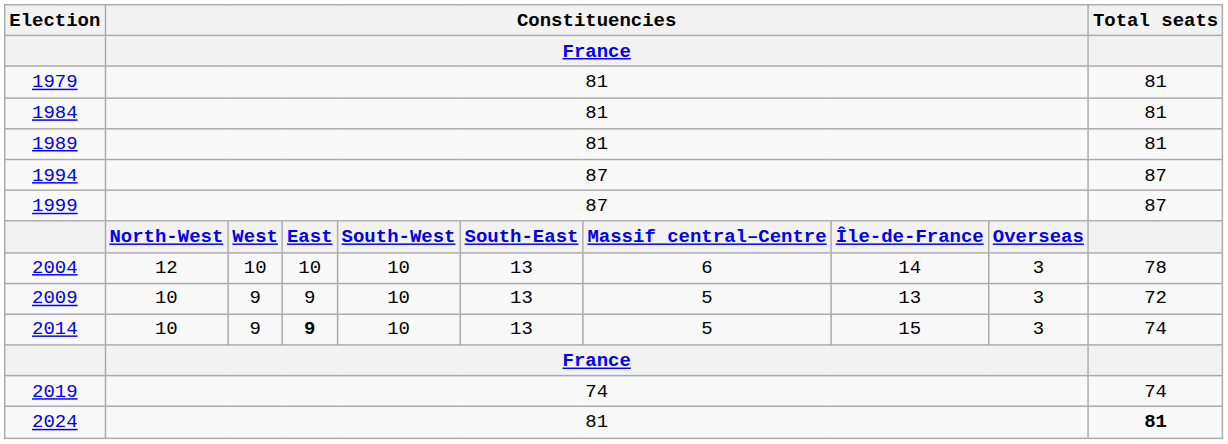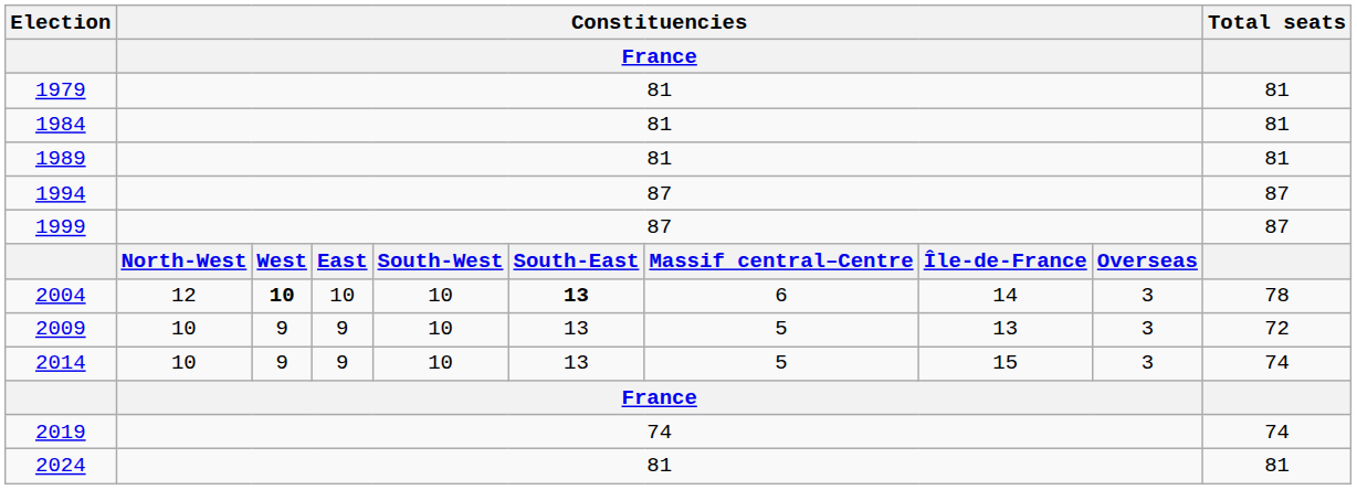 <table class="wikitable" style="text-align:center">
 <tr>
 <th scope="col">Election</th>
 <th scope="col" colspan="8">Constituencies</th>
 <th scope="col">Total seats</th>
 </tr>
 <tr>
 <th></th>
 <th scope="col" colspan="8"><a href='#'>France</a></th>
 <th></th>
 </tr>
 <tr>
 <td><a href='#'>1979</a></td>
 <td colspan="8">81</td>
 <td>81</td>
 </tr>
 <tr>
 <td><a href='#'>1984</a></td>
 <td colspan="8">81</td>
 <td>81</td>
 </tr>
 <tr>
 <td><a href='#'>1989</a></td>
 <td colspan="8">81</td>
 <td>81</td>
 </tr>
 <tr>
 <td><a href='#'>1994</a></td>
 <td colspan="8">87</td>
 <td>87</td>
 </tr>
 <tr>
 <td><a href='#'>1999</a></td>
 <td colspan="8">87</td>
 <td>87</td>
 </tr>
 <tr>
 <th></th>
 <th scope="col"><a href='#'>North-West</a></th>
 <th scope="col"><a href='#'>West</a></th>
 <th scope="col"><a href='#'>East</a></th>
 <th scope="col"><a href='#'>South-West</a></th>
 <th scope="col"><a href='#'>South-East</a></th>
 <th scope="col"><a href='#'>Massif central–Centre</a></th>
 <th scope="col"><a href='#'>Île-de-France</a></th>
 <th scope="col"><a href='#'>Overseas</a></th>
 <th></th>
 </tr>
 <tr>
 <td><a href='#'>2004</a></td>
 <td>12</td>
+<td><strong>10</strong></td>
 <td>10</td>
 <td>10</td>
-<td>10</td>
-<td>13</td>
+<td><strong>13</strong></td>
 <td>6</td>
 <td>14</td>
 <td>3</td>
 <td>78</td>
 </tr>
 <tr>
 <td><a href='#'>2009</a></td>
 <td>10</td>
 <td>9</td>
 <td>9</td>
 <td>10</td>
 <td>13</td>
 <td>5</td>
 <td>13</td>
 <td>3</td>
 <td>72</td>
 </tr>
 <tr>
 <td><a href='#'>2014</a></td>
 <td>10</td>
 <td>9</td>
-<td><strong>9</strong></td>
+<td>9</td>
 <td>10</td>
 <td>13</td>
 <td>5</td>
 <td>15</td>
 <td>3</td>
 <td>74</td>
 </tr>
 <tr>
 <th></th>
 <th scope="col" colspan="8"><a href='#'>France</a></th>
 <th></th>
 </tr>
 <tr>
 <td><a href='#'>2019</a></td>
 <td colspan="8">74</td>
 <td>74</td>
 </tr>
 <tr>
 <td><a href='#'>2024</a></td>
 <td colspan="8">81</td>
-<td><strong>81</strong></td>
+<td>81</td>
 </tr>
 </table>
